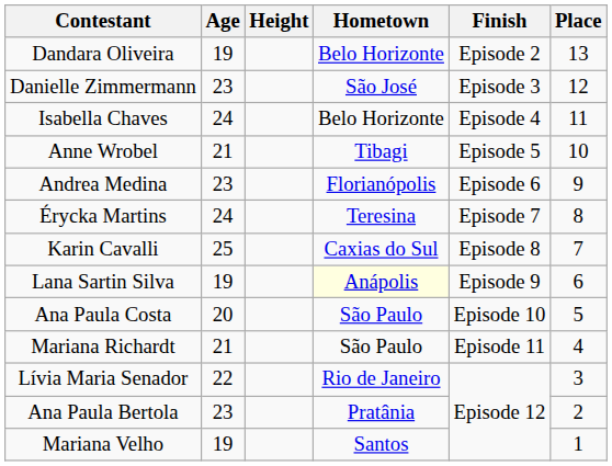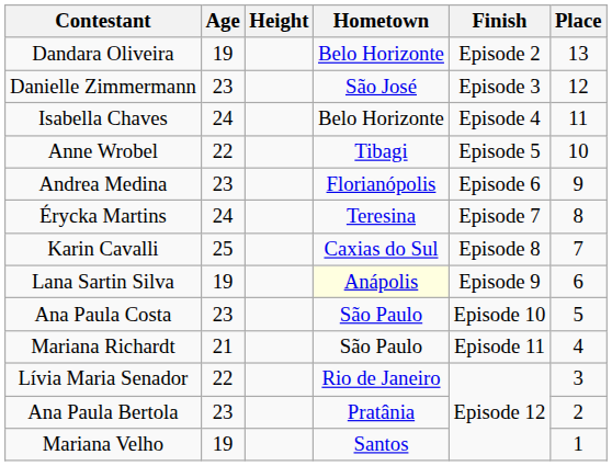 <table class="wikitable sortable" style="text-align:center;">
 <tr>
 <th>Contestant</th>
 <th>Age</th>
 <th>Height</th>
 <th>Hometown</th>
 <th>Finish</th>
 <th>Place</th>
 </tr>
 <tr>
 <td>Dandara Oliveira</td>
 <td>19</td>
 <td></td>
 <td><a href='#'>Belo Horizonte</a></td>
 <td>Episode 2</td>
 <td>13</td>
 </tr>
 <tr>
 <td>Danielle Zimmermann</td>
 <td>23</td>
 <td></td>
 <td><a href='#'>São José</a></td>
 <td>Episode 3</td>
 <td>12</td>
 </tr>
 <tr>
 <td>Isabella Chaves</td>
 <td>24</td>
 <td></td>
 <td>Belo Horizonte</td>
 <td>Episode 4</td>
 <td>11</td>
 </tr>
 <tr>
 <td>Anne Wrobel</td>
-<td>21</td>
+<td>22</td>
 <td></td>
 <td><a href='#'>Tibagi</a></td>
 <td>Episode 5</td>
 <td>10</td>
 </tr>
 <tr>
 <td>Andrea Medina</td>
 <td>23</td>
 <td></td>
 <td><a href='#'>Florianópolis</a></td>
 <td>Episode 6</td>
 <td>9</td>
 </tr>
 <tr>
 <td>Érycka Martins</td>
 <td>24</td>
 <td></td>
 <td><a href='#'>Teresina</a></td>
 <td>Episode 7</td>
 <td>8</td>
 </tr>
 <tr>
 <td>Karin Cavalli</td>
 <td>25</td>
 <td></td>
 <td><a href='#'>Caxias do Sul</a></td>
 <td>Episode 8</td>
 <td>7</td>
 </tr>
 <tr>
 <td>Lana Sartin Silva</td>
 <td>19</td>
 <td></td>
 <td style="background: lightyellow;"><a href='#'>Anápolis</a></td>
 <td>Episode 9</td>
 <td>6</td>
 </tr>
 <tr>
 <td>Ana Paula Costa</td>
-<td>20</td>
+<td>23</td>
 <td></td>
 <td><a href='#'>São Paulo</a></td>
 <td>Episode 10</td>
 <td>5</td>
 </tr>
 <tr>
 <td>Mariana Richardt</td>
 <td>21</td>
 <td></td>
 <td>São Paulo</td>
 <td>Episode 11</td>
 <td>4</td>
 </tr>
 <tr>
 <td>Lívia Maria Senador</td>
 <td>22</td>
 <td></td>
 <td><a href='#'>Rio de Janeiro</a></td>
 <td rowspan="3">Episode 12</td>
 <td>3</td>
 </tr>
 <tr>
 <td>Ana Paula Bertola</td>
 <td>23</td>
 <td></td>
 <td><a href='#'>Pratânia</a></td>
 <td>2</td>
 </tr>
 <tr>
 <td>Mariana Velho</td>
 <td>19</td>
 <td></td>
 <td><a href='#'>Santos</a></td>
 <td>1</td>
 </tr>
 </table>
